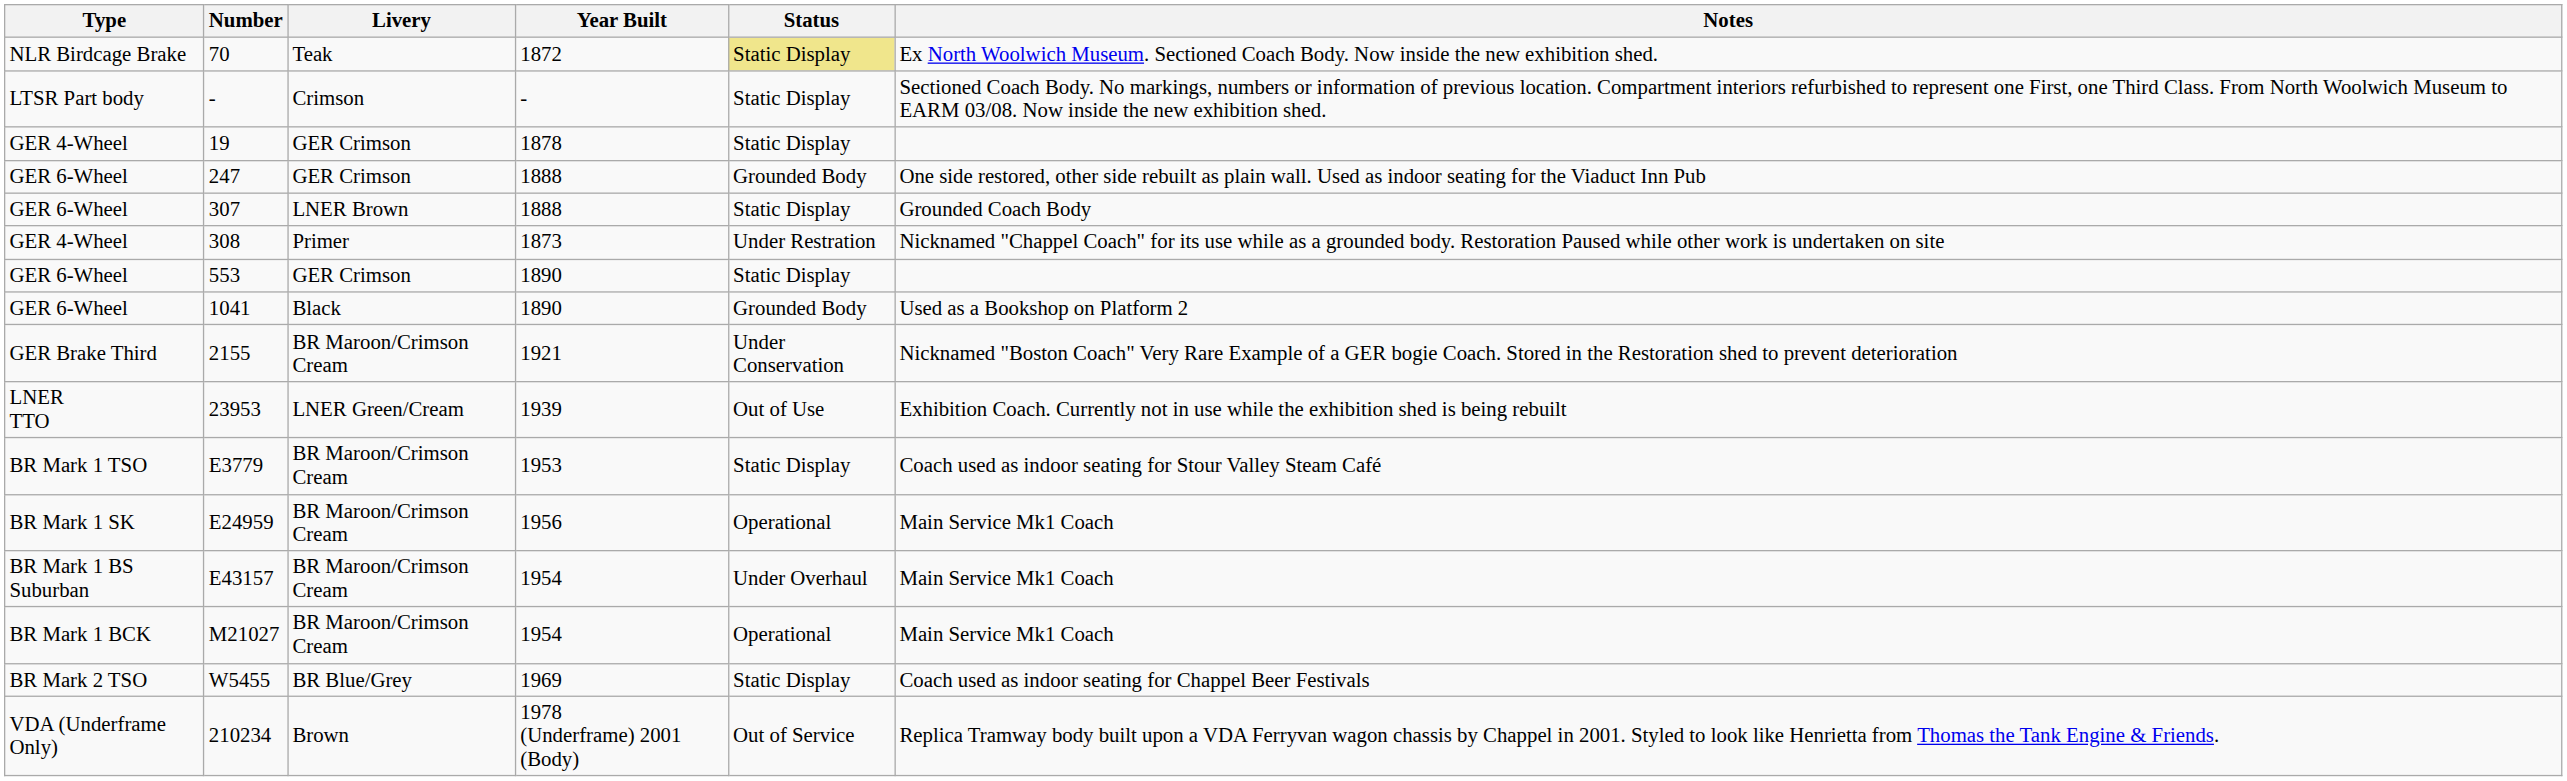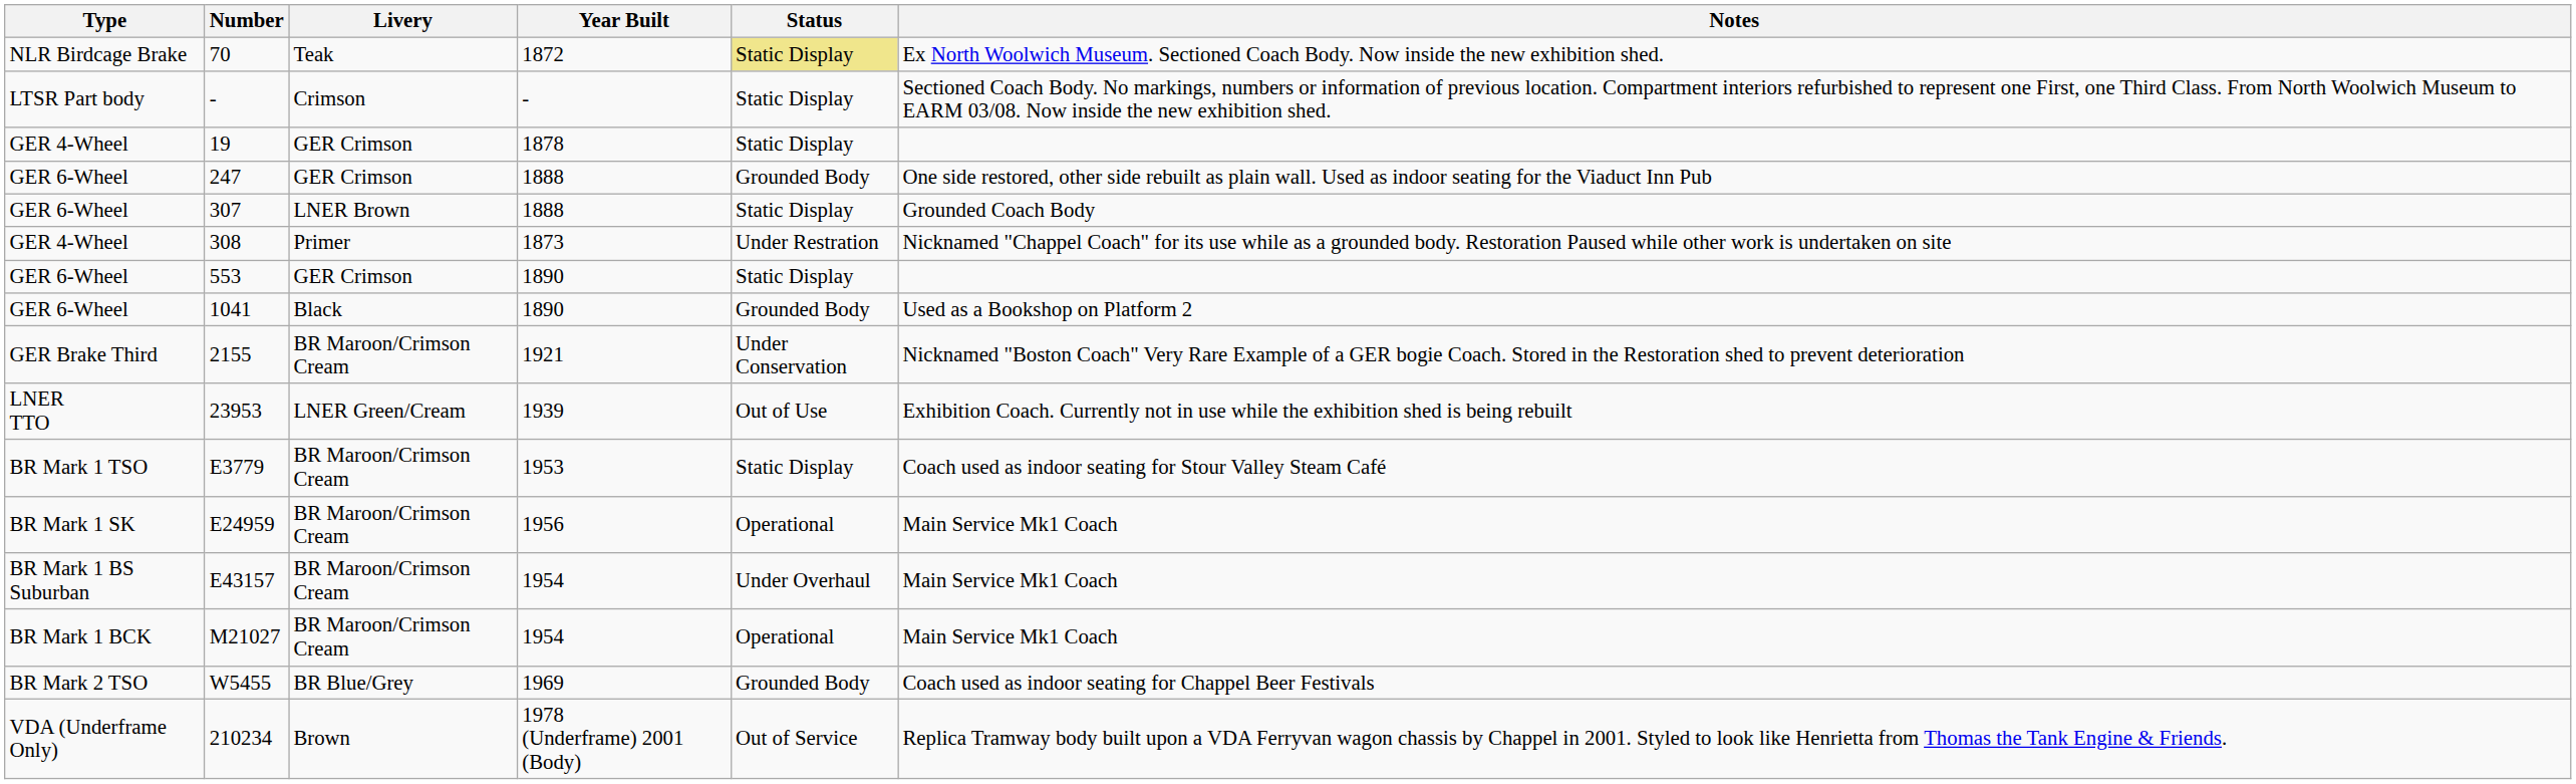 <table class="wikitable">
 <tr>
 <th>Type</th>
 <th>Number</th>
 <th>Livery</th>
 <th>Year Built</th>
 <th>Status</th>
 <th>Notes</th>
 </tr>
 <tr>
 <td>NLR Birdcage Brake</td>
 <td>70</td>
 <td>Teak</td>
 <td>1872</td>
 <td style="background: khaki;">Static Display</td>
 <td>Ex <a href='#'>North Woolwich Museum</a>. Sectioned Coach Body. Now inside the new exhibition shed.</td>
 </tr>
 <tr>
 <td>LTSR Part body</td>
 <td>-</td>
 <td>Crimson</td>
 <td>-</td>
 <td>Static Display</td>
 <td>Sectioned Coach Body. No markings, numbers or information of previous location. Compartment interiors refurbished to represent one First, one Third Class. From North Woolwich Museum to EARM 03/08. Now inside the new exhibition shed.</td>
 </tr>
 <tr>
 <td>GER 4-Wheel</td>
 <td>19</td>
 <td>GER Crimson</td>
 <td>1878</td>
 <td>Static Display</td>
 <td></td>
 </tr>
 <tr>
 <td>GER 6-Wheel</td>
 <td>247</td>
 <td>GER Crimson</td>
 <td>1888</td>
 <td>Grounded Body</td>
 <td>One side restored, other side rebuilt as plain wall. Used as indoor seating for the Viaduct Inn Pub</td>
 </tr>
 <tr>
 <td>GER 6-Wheel</td>
 <td>307</td>
 <td>LNER Brown</td>
 <td>1888</td>
 <td>Static Display</td>
 <td>Grounded Coach Body</td>
 </tr>
 <tr>
 <td>GER 4-Wheel</td>
 <td>308</td>
 <td>Primer</td>
 <td>1873</td>
 <td>Under Restration</td>
 <td>Nicknamed "Chappel Coach" for its use while as a grounded body. Restoration Paused while other work is undertaken on site</td>
 </tr>
 <tr>
 <td>GER 6-Wheel</td>
 <td>553</td>
 <td>GER Crimson</td>
 <td>1890</td>
 <td>Static Display</td>
 <td></td>
 </tr>
 <tr>
 <td>GER 6-Wheel</td>
 <td>1041</td>
 <td>Black</td>
 <td>1890</td>
 <td>Grounded Body</td>
 <td>Used as a Bookshop on Platform 2</td>
 </tr>
 <tr>
 <td>GER Brake Third</td>
 <td>2155</td>
 <td>BR Maroon/Crimson Cream</td>
 <td>1921</td>
 <td>Under Conservation</td>
 <td>Nicknamed "Boston Coach" Very Rare Example of a GER bogie Coach. Stored in the Restoration shed to prevent deterioration</td>
 </tr>
 <tr>
 <td>LNER<br>TTO</td>
 <td>23953</td>
 <td>LNER Green/Cream</td>
 <td>1939</td>
 <td>Out of Use</td>
 <td>Exhibition Coach. Currently not in use while the exhibition shed is being rebuilt</td>
 </tr>
 <tr>
 <td>BR Mark 1 TSO</td>
 <td>E3779</td>
 <td>BR Maroon/Crimson Cream</td>
 <td>1953</td>
 <td>Static Display</td>
 <td>Coach used as indoor seating for Stour Valley Steam Café</td>
 </tr>
 <tr>
 <td>BR Mark 1 SK</td>
 <td>E24959</td>
 <td>BR Maroon/Crimson Cream</td>
 <td>1956</td>
 <td>Operational</td>
 <td>Main Service Mk1 Coach</td>
 </tr>
 <tr>
 <td>BR Mark 1 BS<br>Suburban</td>
 <td>E43157</td>
 <td>BR Maroon/Crimson Cream</td>
 <td>1954</td>
 <td>Under Overhaul</td>
 <td>Main Service Mk1 Coach</td>
 </tr>
 <tr>
 <td>BR Mark 1 BCK</td>
 <td>M21027</td>
 <td>BR Maroon/Crimson Cream</td>
 <td>1954</td>
 <td>Operational</td>
 <td>Main Service Mk1 Coach</td>
 </tr>
 <tr>
 <td>BR Mark 2 TSO</td>
 <td>W5455</td>
 <td>BR Blue/Grey</td>
 <td>1969</td>
-<td>Static Display</td>
+<td>Grounded Body</td>
 <td>Coach used as indoor seating for Chappel Beer Festivals</td>
 </tr>
 <tr>
 <td>VDA (Underframe Only)</td>
 <td>210234</td>
 <td>Brown</td>
 <td>1978<br>(Underframe) 2001 (Body)</td>
 <td>Out of Service</td>
 <td>Replica Tramway body built upon a VDA Ferryvan wagon chassis by Chappel in 2001. Styled to look like Henrietta from <a href='#'>Thomas the Tank Engine & Friends</a>.</td>
 </tr>
 </table>
